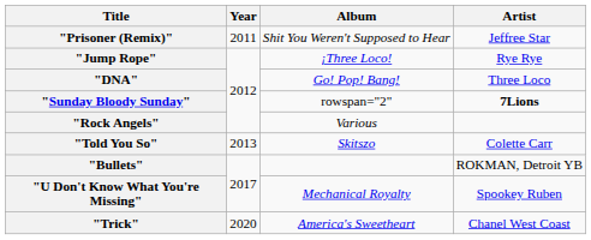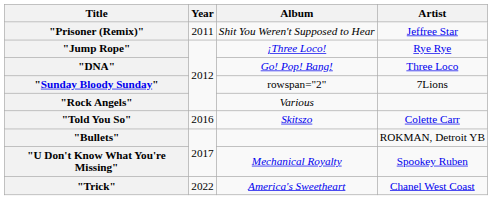 <table class="wikitable plainrowheaders" style="text-align:center;">
 <tr>
 <th scope="col" style="width:16em;">Title</th>
 <th scope="col">Year</th>
 <th scope="col">Album</th>
 <th scope="col">Artist</th>
 </tr>
 <tr>
 <th scope="row">"Prisoner (Remix)"</th>
 <td>2011</td>
 <td><em>Shit You Weren't Supposed to Hear</em></td>
 <td><a href='#'>Jeffree Star</a></td>
 </tr>
 <tr>
 <th scope="row">"Jump Rope"</th>
 <td rowspan="4">2012</td>
 <td><em><a href='#'>¡Three Loco!</a></em></td>
 <td><a href='#'>Rye Rye</a></td>
 </tr>
 <tr>
 <th scope="row">"DNA"</th>
 <td><em><a href='#'>Go! Pop! Bang!</a></em></td>
 <td><a href='#'>Three Loco</a></td>
 </tr>
 <tr>
 <th scope="row">"<a href='#'>Sunday Bloody Sunday</a>"</th>
 <td>rowspan="2" <em></em></td>
-<td><strong>7Lions</strong></td>
+<td>7Lions</td>
 </tr>
 <tr>
 <th scope="row">"Rock Angels"</th>
 <td><em>Various</em></td>
 </tr>
 <tr>
 <th scope="row">"Told You So"</th>
-<td>2013</td>
+<td>2016</td>
 <td><em><a href='#'>Skitszo</a></em></td>
 <td><a href='#'>Colette Carr</a></td>
 </tr>
 <tr>
 <th scope="row">"Bullets"</th>
 <td rowspan="2">2017</td>
 <td><em></em></td>
 <td>ROKMAN, Detroit YB</td>
 </tr>
 <tr>
 <th scope="row">"U Don't Know What You're Missing"</th>
 <td><em><a href='#'>Mechanical Royalty</a></em></td>
 <td><a href='#'>Spookey Ruben</a></td>
 </tr>
 <tr>
 <th scope="row">"Trick"</th>
-<td>2020</td>
+<td>2022</td>
 <td><em><a href='#'>America's Sweetheart</a></em></td>
 <td><a href='#'>Chanel West Coast</a></td>
 </tr>
 </table>
